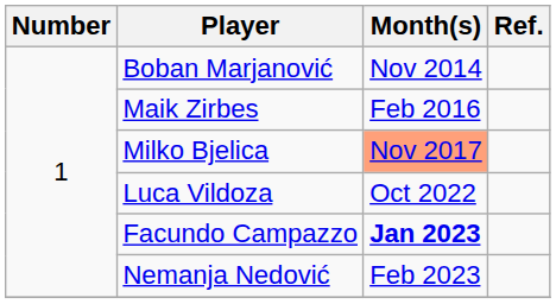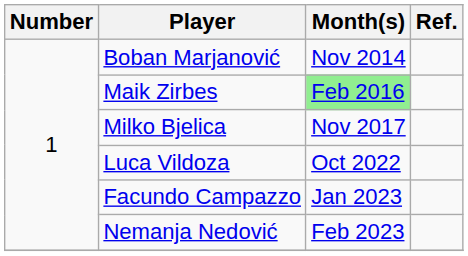 <table class="wikitable">
 <tr>
 <th>Number</th>
 <th>Player</th>
 <th>Month(s)</th>
 <th>Ref.</th>
 </tr>
 <tr>
 <td rowspan=6 style="text-align:center;">1</td>
 <td> <a href='#'>Boban Marjanović</a></td>
 <td><a href='#'>Nov 2014</a></td>
 <td></td>
 </tr>
 <tr>
 <td> <a href='#'>Maik Zirbes</a></td>
-<td><a href='#'>Feb 2016</a></td>
+<td style="background: lightgreen;"><a href='#'>Feb 2016</a></td>
 <td></td>
 </tr>
 <tr>
 <td> <a href='#'>Milko Bjelica</a></td>
-<td style="background: lightsalmon;"><a href='#'>Nov 2017</a></td>
+<td><a href='#'>Nov 2017</a></td>
 <td></td>
 </tr>
 <tr>
 <td> <a href='#'>Luca Vildoza</a></td>
 <td><a href='#'>Oct 2022</a></td>
 <td></td>
 </tr>
 <tr>
 <td> <a href='#'>Facundo Campazzo</a></td>
-<td><strong><a href='#'>Jan 2023</a></strong></td>
+<td><a href='#'>Jan 2023</a></td>
 <td></td>
 </tr>
 <tr>
 <td> <a href='#'>Nemanja Nedović</a></td>
 <td><a href='#'>Feb 2023</a></td>
 <td></td>
 </tr>
 <tr>
 </tr>
 </table>
